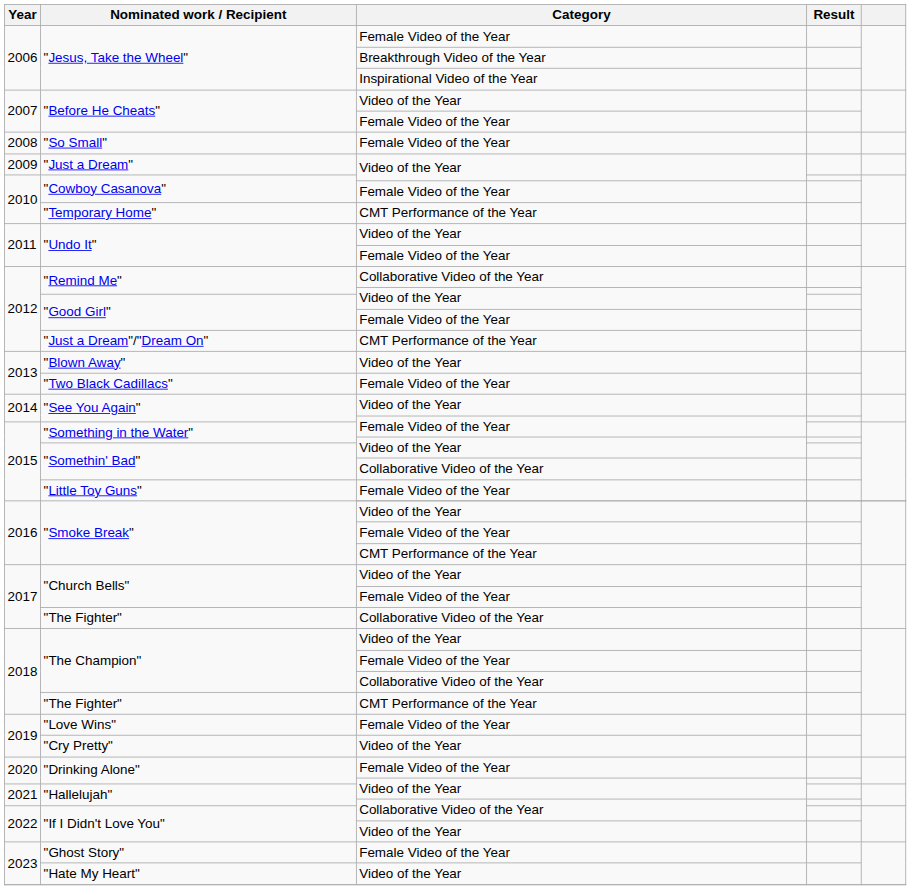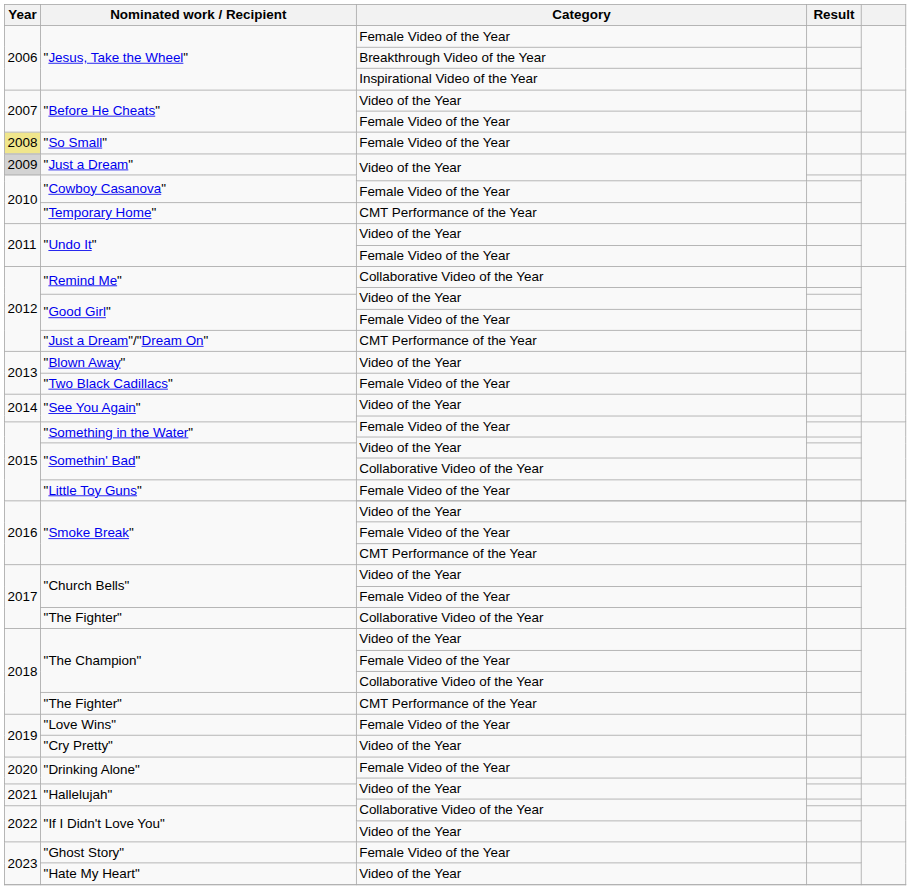 <table class="wikitable plainrowheaders" style="width:85%;">
 <tr>
 <th scope="col" style="width:4%;">Year</th>
 <th scope="col" style="width:35%;">Nominated work / Recipient</th>
 <th scope="col" style="width:50%;">Category</th>
 <th scope="col" style="width:6%;">Result</th>
 <th scope="col" style="width:6%;"></th>
 </tr>
 <tr>
 <td rowspan="3">2006</td>
 <td rowspan="3">"<a href='#'>Jesus, Take the Wheel</a>"</td>
 <td>Female Video of the Year</td>
 <td></td>
 <td rowspan="3"></td>
 </tr>
 <tr>
 <td>Breakthrough Video of the Year</td>
 <td></td>
 </tr>
 <tr>
 <td>Inspirational Video of the Year</td>
 <td></td>
 </tr>
 <tr>
 <td rowspan="2">2007</td>
 <td rowspan="2">"<a href='#'>Before He Cheats</a>"</td>
 <td>Video of the Year</td>
 <td></td>
 <td rowspan="2"></td>
 </tr>
 <tr>
 <td>Female Video of the Year</td>
 <td></td>
 </tr>
 <tr>
-<td>2008</td>
+<td style="background: khaki;">2008</td>
 <td>"<a href='#'>So Small</a>"</td>
 <td>Female Video of the Year</td>
 <td></td>
 <td></td>
 </tr>
 <tr>
-<td>2009</td>
+<td style="background: lightgrey;">2009</td>
 <td>"<a href='#'>Just a Dream</a>"</td>
 <td rowspan="2">Video of the Year</td>
 <td></td>
 <td></td>
 </tr>
 <tr>
 <td rowspan="3">2010</td>
 <td rowspan="2">"<a href='#'>Cowboy Casanova</a>"</td>
 <td></td>
 <td rowspan="3"></td>
 </tr>
 <tr>
 <td>Female Video of the Year</td>
 <td></td>
 </tr>
 <tr>
 <td>"<a href='#'>Temporary Home</a>" </td>
 <td>CMT Performance of the Year</td>
 <td></td>
 </tr>
 <tr>
 <td rowspan="2">2011</td>
 <td rowspan="2">"<a href='#'>Undo It</a>"</td>
 <td>Video of the Year</td>
 <td></td>
 <td rowspan="2"></td>
 </tr>
 <tr>
 <td>Female Video of the Year</td>
 <td></td>
 </tr>
 <tr>
 <td rowspan="5">2012</td>
 <td rowspan="2">"<a href='#'>Remind Me</a>" </td>
 <td>Collaborative Video of the Year</td>
 <td></td>
 <td rowspan="5"></td>
 </tr>
 <tr>
 <td rowspan="2">Video of the Year</td>
 <td></td>
 </tr>
 <tr>
 <td rowspan="2">"<a href='#'>Good Girl</a>"</td>
 <td></td>
 </tr>
 <tr>
 <td>Female Video of the Year</td>
 <td></td>
 </tr>
 <tr>
 <td>"<a href='#'>Just a Dream</a>"/"<a href='#'>Dream On</a>" </td>
 <td>CMT Performance of the Year</td>
 <td></td>
 </tr>
 <tr>
 <td rowspan="2">2013</td>
 <td>"<a href='#'>Blown Away</a>"</td>
 <td>Video of the Year</td>
 <td></td>
 <td rowspan="2"></td>
 </tr>
 <tr>
 <td>"<a href='#'>Two Black Cadillacs</a>"</td>
 <td>Female Video of the Year</td>
 <td></td>
 </tr>
 <tr>
 <td rowspan="2">2014</td>
 <td rowspan="2">"<a href='#'>See You Again</a>"</td>
 <td>Video of the Year</td>
 <td></td>
 <td rowspan="2"></td>
 </tr>
 <tr>
 <td rowspan="2">Female Video of the Year</td>
 <td></td>
 </tr>
 <tr>
 <td rowspan="5">2015</td>
 <td rowspan="2">"<a href='#'>Something in the Water</a>"</td>
 <td></td>
 <td rowspan="5"></td>
 </tr>
 <tr>
 <td rowspan="2">Video of the Year</td>
 <td></td>
 </tr>
 <tr>
 <td rowspan="2">"<a href='#'>Somethin' Bad</a>" </td>
 <td></td>
 </tr>
 <tr>
 <td>Collaborative Video of the Year</td>
 <td></td>
 </tr>
 <tr>
 <td>"<a href='#'>Little Toy Guns</a>"</td>
 <td>Female Video of the Year</td>
 <td></td>
 </tr>
 <tr>
 <td rowspan="4">2016</td>
 <td rowspan="4">"<a href='#'>Smoke Break</a>"</td>
 </tr>
 <tr>
 <td>Video of the Year</td>
 <td></td>
 <td rowspan="3"></td>
 </tr>
 <tr>
 <td>Female Video of the Year</td>
 <td></td>
 </tr>
 <tr>
 <td>CMT Performance of the Year</td>
 <td></td>
 </tr>
 <tr>
 <td rowspan="3">2017</td>
 <td rowspan="2">"Church Bells"</td>
 <td>Video of the Year</td>
 <td></td>
 <td rowspan=3></td>
 </tr>
 <tr>
 <td>Female Video of the Year</td>
 <td></td>
 </tr>
 <tr>
 <td>"The Fighter"</td>
 <td>Collaborative Video of the Year</td>
 <td></td>
 </tr>
 <tr>
 <td rowspan="4">2018</td>
 <td rowspan="3">"The Champion" </td>
 <td>Video of the Year</td>
 <td></td>
 <td rowspan="4"></td>
 </tr>
 <tr>
 <td>Female Video of the Year</td>
 <td></td>
 </tr>
 <tr>
 <td>Collaborative Video of the Year</td>
 <td></td>
 </tr>
 <tr>
 <td>"The Fighter" </td>
 <td>CMT Performance of the Year</td>
 <td></td>
 </tr>
 <tr>
 <td rowspan="2">2019</td>
 <td>"Love Wins"</td>
 <td>Female Video of the Year</td>
 <td></td>
 <td rowspan=2></td>
 </tr>
 <tr>
 <td>"Cry Pretty"</td>
 <td>Video of the Year</td>
 <td></td>
 </tr>
 <tr>
 <td rowspan="2">2020</td>
 <td rowspan="2">"Drinking Alone"</td>
 <td>Female Video of the Year</td>
 <td></td>
 <td rowspan=2></td>
 </tr>
 <tr>
 <td rowspan="2">Video of the Year</td>
 <td></td>
 </tr>
 <tr>
 <td rowspan="2">2021</td>
 <td rowspan="2">"Hallelujah" </td>
 <td></td>
 <td rowspan=2></td>
 </tr>
 <tr>
 <td rowspan="2">Collaborative Video of the Year</td>
 <td></td>
 </tr>
 <tr>
 <td rowspan="2">2022</td>
 <td rowspan="2">"If I Didn't Love You" </td>
 <td></td>
 <td rowspan=2></td>
 </tr>
 <tr>
 <td>Video of the Year</td>
 <td></td>
 </tr>
 <tr>
 <td rowspan="2">2023</td>
 <td>"Ghost Story"</td>
 <td>Female Video of the Year</td>
 <td></td>
 <td rowspan=2></td>
 </tr>
 <tr>
 <td>"Hate My Heart"</td>
 <td>Video of the Year</td>
 <td></td>
 </tr>
 <tr>
 </tr>
 </table>
